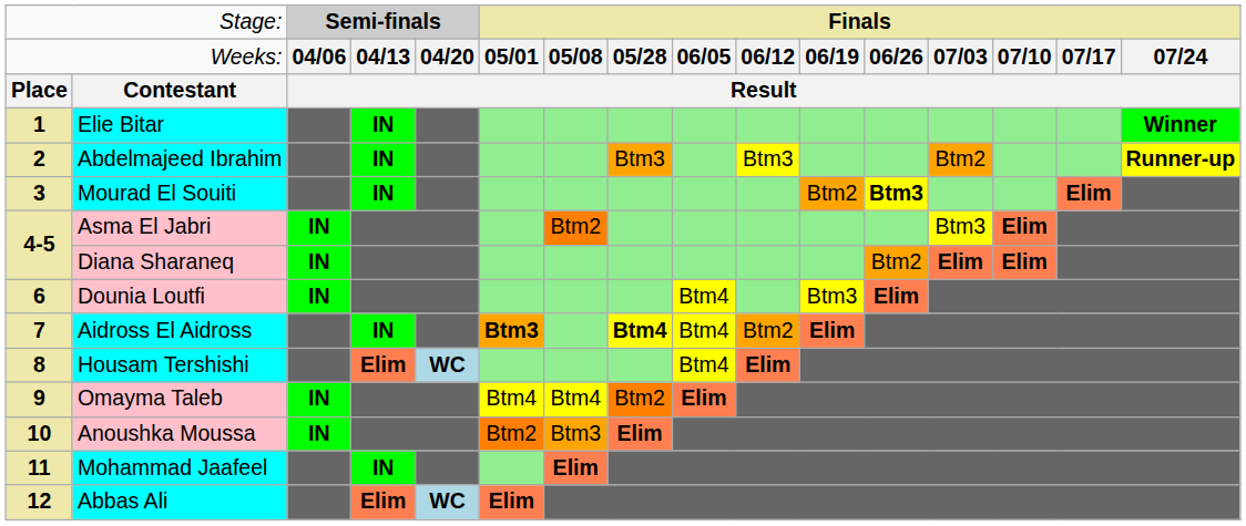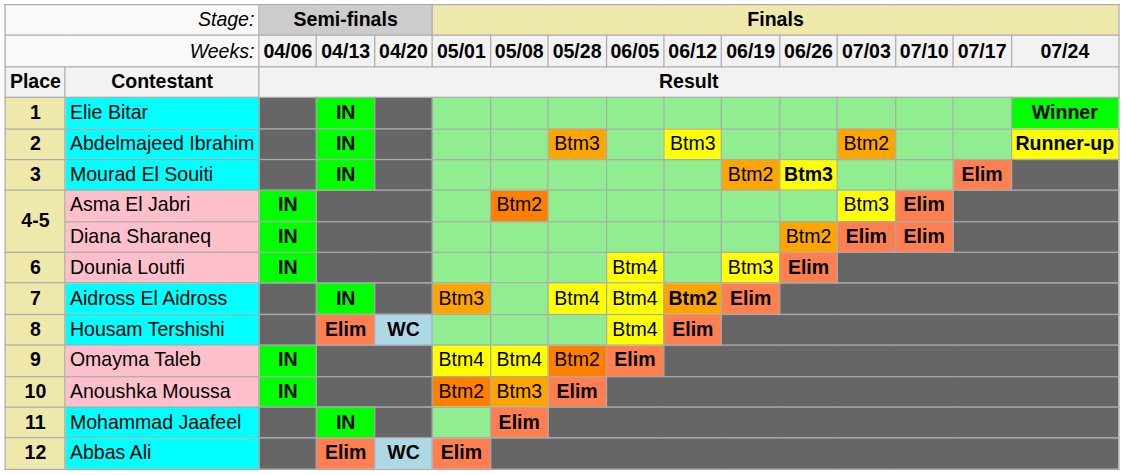 <table class="wikitable" style="margin:auto;">
 <tr>
 <td colspan="2" style="text-align:right;"><em>Stage:</em></td>
 <td colspan="3"  style="background:#ccc; text-align:Center;"><strong>Semi-finals</strong></td>
 <td colspan="11"  style="background:palegoldenrod; text-align:Center;"><strong>Finals</strong></td>
 </tr>
 <tr>
 <td colspan="2" style="text-align:right;"><em>Weeks:</em></td>
 <th>04/06</th>
 <th>04/13</th>
 <th>04/20</th>
 <th>05/01</th>
 <th>05/08</th>
 <th>05/28</th>
 <th>06/05</th>
 <th>06/12</th>
 <th>06/19</th>
 <th>06/26</th>
 <th>07/03</th>
 <th>07/10</th>
 <th>07/17</th>
 <th>07/24</th>
 </tr>
 <tr>
 <th>Place</th>
 <th>Contestant</th>
 <th colspan="17" style="text-align:center;">Result</th>
 </tr>
 <tr>
 <td style="text-align:center; background:palegoldenrod;"><strong>1</strong></td>
 <td style="background:cyan;">Elie Bitar</td>
 <td style="background:#666;"></td>
 <td style="background:lime; text-align:center;"><strong>IN</strong></td>
 <td style="background:#666;"></td>
 <td style="background: lightgreen"></td>
 <td style="background: lightgreen"></td>
 <td style="background: lightgreen"></td>
 <td style="background: lightgreen"></td>
 <td style="background: lightgreen"></td>
 <td style="background: lightgreen"></td>
 <td style="background: lightgreen"></td>
 <td style="background: lightgreen"></td>
 <td style="background: lightgreen"></td>
 <td style="background: lightgreen"></td>
 <td style="background:Lime; text-align:center;"><strong>Winner</strong></td>
 </tr>
 <tr>
 <td style="text-align:center; background:palegoldenrod;"><strong>2</strong></td>
 <td style="background:cyan;">Abdelmajeed Ibrahim</td>
 <td style="background:#666;"></td>
 <td style="background:lime; text-align:center;"><strong>IN</strong></td>
 <td style="background:#666;"></td>
 <td style="background: lightgreen"></td>
 <td style="background: lightgreen"></td>
 <td style="background:orange; text-align:center;">Btm3</td>
 <td style="background: lightgreen"></td>
 <td style="background:yellow; text-align:center;">Btm3</td>
 <td style="background: lightgreen"></td>
 <td style="background: lightgreen"></td>
 <td style="background:orange; text-align:center;">Btm2</td>
 <td style="background: lightgreen"></td>
 <td style="background: lightgreen"></td>
 <td style="background:yellow; text-align:center;"><strong>Runner-up</strong></td>
 </tr>
 <tr>
 <td style="text-align:center; background:palegoldenrod;"><strong>3</strong></td>
 <td style="background:cyan;">Mourad El Souiti</td>
 <td style="background:#666;"></td>
 <td style="background:lime; text-align:center;"><strong>IN</strong></td>
 <td style="background:#666;"></td>
 <td style="background: lightgreen"></td>
 <td style="background: lightgreen"></td>
 <td style="background: lightgreen"></td>
 <td style="background: lightgreen"></td>
 <td style="background: lightgreen"></td>
 <td style="background:orange; text-align:center;">Btm2</td>
 <td style="background:yellow; text-align:center;"><strong>Btm3</strong></td>
 <td style="background: lightgreen"></td>
 <td style="background: lightgreen"></td>
 <td style="background:coral; text-align:center;"><strong>Elim</strong></td>
 <td style="background:#666;"></td>
 </tr>
 <tr>
 <td style="text-align:center; background:palegoldenrod;" rowspan="2"><strong>4-5</strong></td>
 <td style="background:pink;">Asma El Jabri</td>
 <td style="background:lime; text-align:center;"><strong>IN</strong></td>
 <td style="background:#666;" colspan="2"></td>
 <td style="background: lightgreen"></td>
 <td style="background:#ff7f00; text-align:center;">Btm2</td>
 <td style="background: lightgreen"></td>
 <td style="background: lightgreen"></td>
 <td style="background: lightgreen"></td>
 <td style="background: lightgreen"></td>
 <td style="background: lightgreen"></td>
 <td style="background:yellow; text-align:center;">Btm3</td>
 <td style="background:coral; text-align:center;"><strong>Elim</strong></td>
 <td colspan="2" style="background:#666;"></td>
 </tr>
 <tr>
 <td style="background:pink;">Diana Sharaneq</td>
 <td style="background:lime; text-align:center;"><strong>IN</strong></td>
 <td style="background:#666;" colspan="2"></td>
 <td style="background: lightgreen"></td>
 <td style="background: lightgreen"></td>
 <td style="background: lightgreen"></td>
 <td style="background: lightgreen"></td>
 <td style="background: lightgreen"></td>
 <td style="background: lightgreen"></td>
 <td style="background:orange; text-align:center;">Btm2</td>
 <td style="background:coral; text-align:center;"><strong>Elim</strong></td>
 <td style="background:coral; text-align:center;"><strong>Elim</strong></td>
 <td colspan="2" style="background:#666;"></td>
 </tr>
 <tr>
 <td style="text-align:center; background:palegoldenrod;"><strong>6</strong></td>
 <td style="background:pink;">Dounia Loutfi</td>
 <td style="background:lime; text-align:center;"><strong>IN</strong></td>
 <td style="background:#666;" colspan="2"></td>
 <td style="background: lightgreen"></td>
 <td style="background: lightgreen"></td>
 <td style="background: lightgreen"></td>
 <td style="background:yellow; text-align:center;">Btm4</td>
 <td style="background: lightgreen"></td>
 <td style="background:yellow; text-align:center;">Btm3</td>
 <td style="background:coral; text-align:center;"><strong>Elim</strong></td>
 <td colspan="4" style="background:#666;"></td>
 </tr>
 <tr>
 <td style="text-align:center; background:palegoldenrod;"><strong>7</strong></td>
 <td style="background:cyan;">Aidross El Aidross</td>
 <td style="background:#666;"></td>
 <td style="background:lime; text-align:center;"><strong>IN</strong></td>
 <td style="background:#666;"></td>
-<td style="background:orange; text-align:center;"><strong>Btm3</strong></td>
+<td style="background:orange; text-align:center;">Btm3</td>
 <td style="background: lightgreen"></td>
-<td style="background:yellow; text-align:center;"><strong>Btm4</strong></td>
 <td style="background:yellow; text-align:center;">Btm4</td>
-<td style="background:orange; text-align:center;">Btm2</td>
+<td style="background:yellow; text-align:center;">Btm4</td>
+<td style="background:orange; text-align:center;"><strong>Btm2</strong></td>
 <td style="background:coral; text-align:center;"><strong>Elim</strong></td>
 <td colspan="6" style="background:#666;"></td>
 </tr>
 <tr>
 <td style="text-align:center; background:palegoldenrod;"><strong>8</strong></td>
 <td style="background:cyan;">Housam Tershishi</td>
 <td style="background:#666;"></td>
 <td style="background:coral; text-align:center;"><strong>Elim</strong></td>
 <td style="background:lightblue; text-align:center;"><strong>WC</strong></td>
 <td style="background: lightgreen"></td>
 <td style="background: lightgreen"></td>
 <td style="background: lightgreen"></td>
 <td style="background:yellow; text-align:center;">Btm4</td>
 <td style="background:coral; text-align:center;"><strong>Elim</strong></td>
 <td colspan="8" style="background:#666;"></td>
 </tr>
 <tr>
 <td style="text-align:center; background:palegoldenrod;"><strong>9</strong></td>
 <td style="background:pink;">Omayma Taleb</td>
 <td style="background:lime; text-align:center;"><strong>IN</strong></td>
 <td style="background:#666;" colspan="2"></td>
 <td style="background:yellow; text-align:center;">Btm4</td>
 <td style="background:yellow; text-align:center;">Btm4</td>
 <td style="background:#ff7f00; text-align:center;">Btm2</td>
 <td style="background:coral; text-align:center;"><strong>Elim</strong></td>
 <td colspan="7" style="background:#666;"></td>
 </tr>
 <tr>
 <td style="text-align:center; background:palegoldenrod;"><strong>10</strong></td>
 <td style="background:pink;">Anoushka Moussa</td>
 <td style="background:lime; text-align:center;"><strong>IN</strong></td>
 <td style="background:#666;" colspan="2"></td>
 <td style="background:#ff7f00; text-align:center;">Btm2</td>
 <td style="background:orange; text-align:center;">Btm3</td>
 <td style="background:coral; text-align:center;"><strong>Elim</strong></td>
 <td colspan="9" style="background:#666;"></td>
 </tr>
 <tr>
 <td style="text-align:center; background:palegoldenrod;"><strong>11</strong></td>
 <td style="background:cyan;">Mohammad Jaafeel</td>
 <td style="background:#666;"></td>
 <td style="background:lime; text-align:center;"><strong>IN</strong></td>
 <td style="background:#666;"></td>
 <td style="background: lightgreen"></td>
 <td style="background:coral; text-align:center;"><strong>Elim</strong></td>
 <td colspan="9" style="background:#666;"></td>
 </tr>
 <tr>
 <td style="text-align:center; background:palegoldenrod;"><strong>12</strong></td>
 <td style="background:cyan;">Abbas Ali</td>
 <td style="background:#666;"></td>
 <td style="background:coral; text-align:center;"><strong>Elim</strong></td>
 <td style="background:lightblue; text-align:center;"><strong>WC</strong></td>
 <td style="background:coral; text-align:center;"><strong>Elim</strong></td>
 <td colspan="11" style="background:#666;"></td>
 </tr>
 </table>
